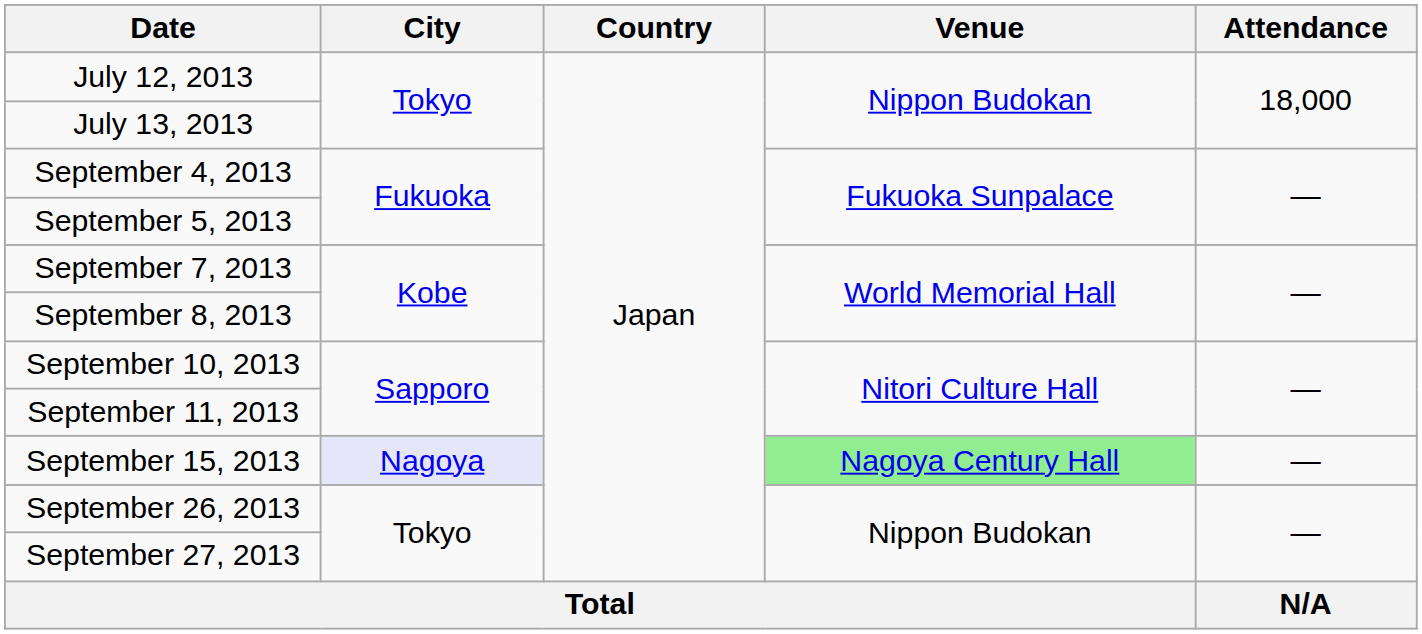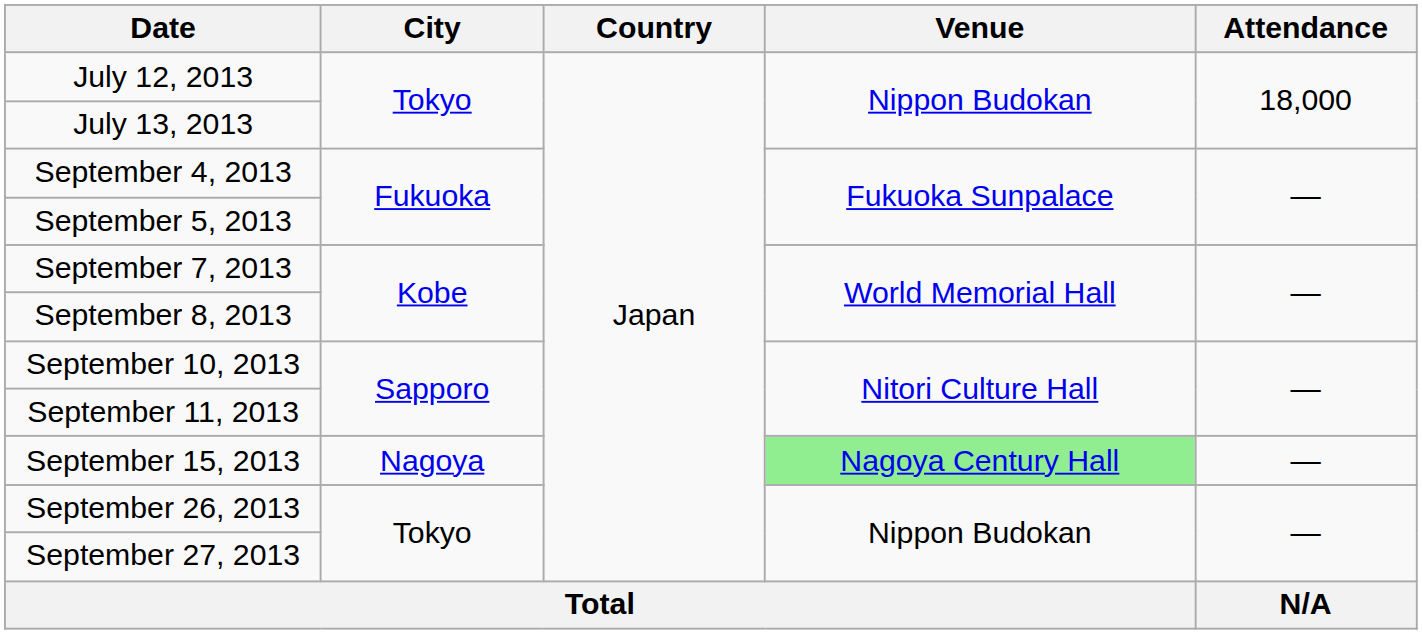 <table class="wikitable" style="text-align:center;">
 <tr>
 <th width="160">Date</th>
 <th width="110">City</th>
 <th width="110">Country</th>
 <th width="220">Venue</th>
 <th width="110">Attendance</th>
 </tr>
 <tr>
 <td>July 12, 2013</td>
 <td rowspan="2"><a href='#'>Tokyo</a></td>
 <td rowspan="11">Japan</td>
 <td rowspan="2"><a href='#'>Nippon Budokan</a></td>
 <td rowspan="2">18,000</td>
 </tr>
 <tr>
 <td>July 13, 2013</td>
 </tr>
 <tr>
 <td>September 4, 2013</td>
 <td rowspan="2"><a href='#'>Fukuoka</a></td>
 <td rowspan="2"><a href='#'>Fukuoka Sunpalace</a></td>
 <td rowspan="2">—</td>
 </tr>
 <tr>
 <td>September 5, 2013</td>
 </tr>
 <tr>
 <td>September 7, 2013</td>
 <td rowspan="2"><a href='#'>Kobe</a></td>
 <td rowspan="2"><a href='#'>World Memorial Hall</a></td>
 <td rowspan="2">—</td>
 </tr>
 <tr>
 <td>September 8, 2013</td>
 </tr>
 <tr>
 <td>September 10, 2013</td>
 <td rowspan="2"><a href='#'>Sapporo</a></td>
 <td rowspan="2"><a href='#'>Nitori Culture Hall</a></td>
 <td rowspan="2">—</td>
 </tr>
 <tr>
 <td>September 11, 2013</td>
 </tr>
 <tr>
 <td>September 15, 2013</td>
-<td rowspan="1" style="background: lavender;"><a href='#'>Nagoya</a></td>
+<td rowspan="1"><a href='#'>Nagoya</a></td>
 <td rowspan="1" style="background: lightgreen;"><a href='#'>Nagoya Century Hall</a></td>
 <td rowspan="1">—</td>
 </tr>
 <tr>
 <td>September 26, 2013</td>
 <td rowspan="2">Tokyo</td>
 <td rowspan="2">Nippon Budokan</td>
 <td rowspan="2">—</td>
 </tr>
 <tr>
 <td>September 27, 2013</td>
 </tr>
 <tr>
 <th colspan="4">Total</th>
 <th>N/A</th>
 </tr>
 </table>
